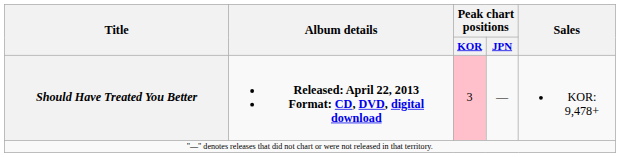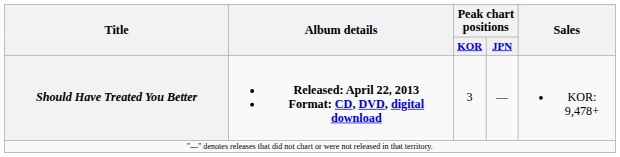 <table class="wikitable plainrowheaders" style="text-align:center;">
 <tr>
 <th rowspan="2" style="width:18em;">Title</th>
 <th rowspan="2" style="width:18em;">Album details</th>
 <th colspan="2">Peak chart positions</th>
 <th rowspan=2 width="120">Sales</th>
 </tr>
 <tr>
 <th scope="col" style="width:2.5em;font-size:90%;"><a href='#'>KOR</a><br></th>
 <th scope="col" style="width:2.5em;font-size:90%;"><a href='#'>JPN</a><br></th>
 </tr>
 <tr>
 <th scope="row"><em>Should Have Treated You Better</em></th>
 <td><strong><br><ul><li>Released: April 22, 2013</li><li>Format: <a href='#'>CD</a>, <a href='#'>DVD</a>, <a href='#'>digital download</a></li></ul></strong></td>
-<td style="background: pink;">3</td>
+<td>3</td>
 <td>—</td>
 <td><br><ul><li>KOR: 9,478+</li></ul></td>
 </tr>
 <tr>
 <td colspan="5" style="font-size:8pt;">"—" denotes releases that did not chart or were not released in that territory.</td>
 </tr>
 </table>
